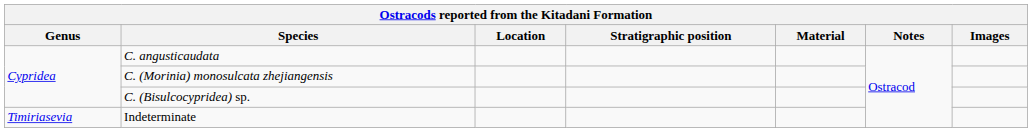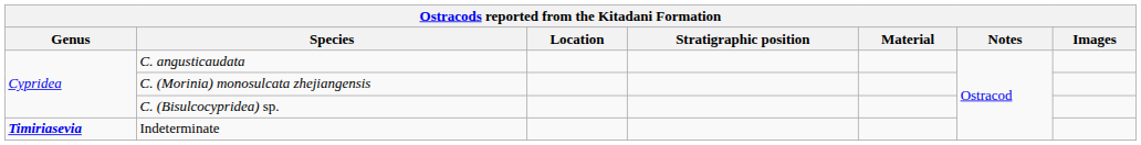 <table class="wikitable" align="center" width="100%">
 <tr>
 <th colspan="7" align="center"><strong><a href='#'>Ostracods</a> reported from the Kitadani Formation</strong></th>
 </tr>
 <tr>
 <th>Genus</th>
 <th>Species</th>
 <th>Location</th>
 <th>Stratigraphic position</th>
 <th>Material</th>
 <th>Notes</th>
 <th>Images</th>
 </tr>
 <tr>
 <td rowspan="3"><em><a href='#'>Cypridea</a></em></td>
 <td><em>C. angusticaudata</em></td>
 <td></td>
 <td></td>
 <td></td>
 <td rowspan="4"><a href='#'>Ostracod</a></td>
 <td></td>
 </tr>
 <tr>
 <td><em>C. (Morinia) monosulcata zhejiangensis</em></td>
 <td></td>
 <td></td>
 <td></td>
 <td></td>
 </tr>
 <tr>
 <td><em>C. (Bisulcocypridea)</em> sp.</td>
 <td></td>
 <td></td>
 <td></td>
 <td></td>
 </tr>
 <tr>
-<td><em><a href='#'>Timiriasevia</a></em></td>
+<td><strong><em><a href='#'>Timiriasevia</a></em></strong></td>
 <td>Indeterminate</td>
 <td></td>
 <td></td>
 <td></td>
 <td></td>
 </tr>
 </table>
